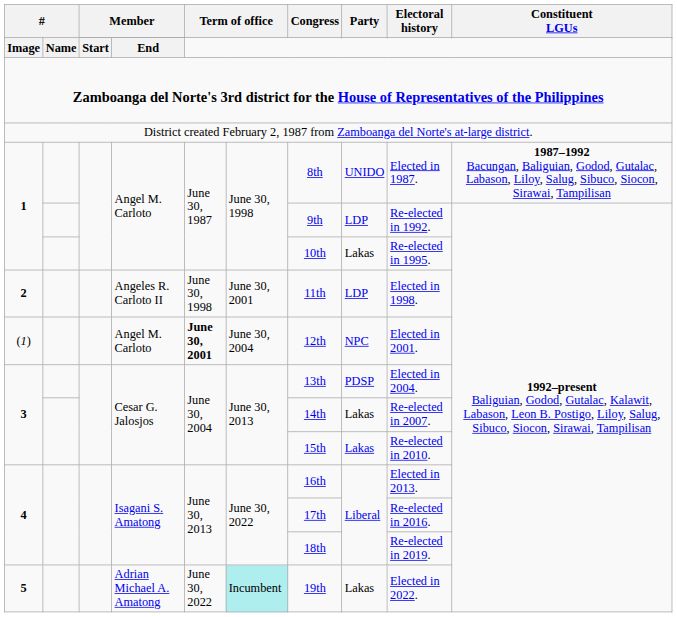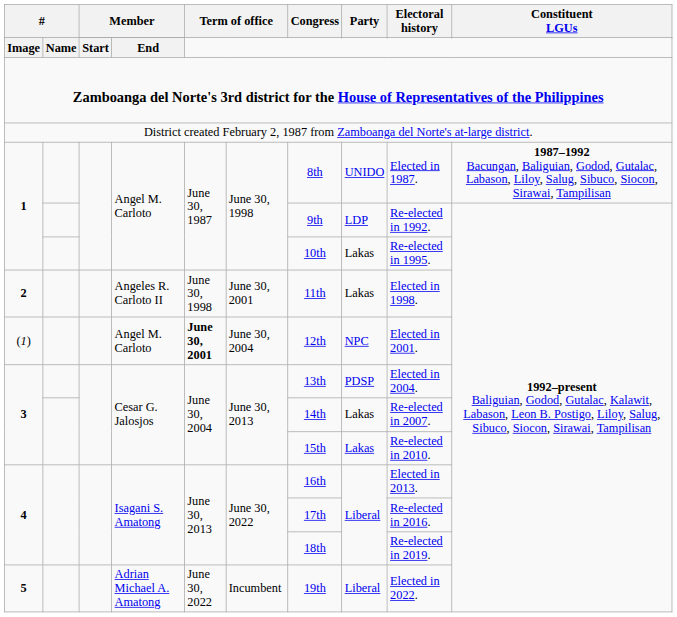 <table class="wikitable">
 <tr>
 <th rowspan="2" colspan="2">#</th>
 <th colspan="2">Member</th>
 <th colspan="2">Term of office</th>
 <th rowspan="2">Congress</th>
 <th rowspan="2">Party</th>
 <th rowspan="2">Electoral history</th>
 <th rowspan="2" width="33%">Constituent<br><a href='#'>LGUs</a></th>
 </tr>
 <tr>
 </tr>
 <tr>
 <th>Image</th>
 <th>Name<br></th>
 <th>Start</th>
 <th>End</th>
 </tr>
 <tr>
 <td colspan="10" style="text-align:center;"><br><h3>Zamboanga del Norte's 3rd district for the <a href='#'>House of Representatives of the Philippines</a></h3></td>
 </tr>
 <tr>
 <td colspan="10" style="text-align:center;">District created February 2, 1987 from <a href='#'>Zamboanga del Norte's at-large district</a>.</td>
 </tr>
 <tr>
 <td rowspan="3" style="text-align:center;"><strong>1</strong></td>
 <td style="color:inherit;background:"></td>
 <td rowspan="3"></td>
 <td rowspan="3">Angel M. Carloto<br></td>
 <td rowspan="3">June 30, 1987</td>
 <td rowspan="3">June 30, 1998</td>
 <td style="text-align:center;"><a href='#'>8th</a></td>
 <td><a href='#'>UNIDO</a></td>
 <td><a href='#'>Elected in 1987</a>.</td>
 <td style="text-align:center;"><strong>1987–1992</strong><br><a href='#'>Bacungan</a>, <a href='#'>Baliguian</a>, <a href='#'>Godod</a>, <a href='#'>Gutalac</a>, <a href='#'>Labason</a>, <a href='#'>Liloy</a>, <a href='#'>Salug</a>, <a href='#'>Sibuco</a>, <a href='#'>Siocon</a>, <a href='#'>Sirawai</a>, <a href='#'>Tampilisan</a></td>
 </tr>
 <tr>
 <td style="color:inherit;background:"></td>
 <td style="text-align:center;"><a href='#'>9th</a></td>
 <td><a href='#'>LDP</a></td>
 <td><a href='#'>Re-elected in 1992</a>.</td>
 <td rowspan="11" style="text-align:center;"><strong>1992–present</strong><br><a href='#'>Baliguian</a>, <a href='#'>Godod</a>, <a href='#'>Gutalac</a>, <a href='#'>Kalawit</a>, <a href='#'>Labason</a>, <a href='#'>Leon B. Postigo</a>, <a href='#'>Liloy</a>, <a href='#'>Salug</a>, <a href='#'>Sibuco</a>, <a href='#'>Siocon</a>, <a href='#'>Sirawai</a>, <a href='#'>Tampilisan</a></td>
 </tr>
 <tr>
 <td style="color:inherit;background:"></td>
 <td style="text-align:center;"><a href='#'>10th</a></td>
 <td>Lakas</td>
 <td><a href='#'>Re-elected in 1995</a>.</td>
 </tr>
 <tr>
 <td style="text-align:center;"><strong>2</strong></td>
 <td style="color:inherit;background:"></td>
 <td></td>
 <td>Angeles R. Carloto II</td>
 <td>June 30, 1998</td>
 <td>June 30, 2001</td>
 <td style="text-align:center;"><a href='#'>11th</a></td>
-<td><a href='#'>LDP</a></td>
+<td>Lakas</td>
 <td><a href='#'>Elected in 1998</a>.</td>
 </tr>
 <tr>
 <td style="text-align:center;">(<em>1</em>)</td>
 <td style="color:inherit;background:"></td>
 <td></td>
 <td>Angel M. Carloto<br></td>
 <td><strong>June 30, 2001</strong></td>
 <td>June 30, 2004</td>
 <td style="text-align:center;"><a href='#'>12th</a></td>
 <td><a href='#'>NPC</a></td>
 <td><a href='#'>Elected in 2001</a>.</td>
 </tr>
 <tr>
 <td rowspan="3" style="text-align:center;"><strong>3</strong></td>
 <td style="color:inherit;background:"></td>
 <td rowspan="3"></td>
 <td rowspan="3">Cesar G. Jalosjos<br></td>
 <td rowspan="3">June 30, 2004</td>
 <td rowspan="3">June 30, 2013</td>
 <td style="text-align:center;"><a href='#'>13th</a></td>
 <td><a href='#'>PDSP</a></td>
 <td><a href='#'>Elected in 2004</a>.</td>
 </tr>
 <tr>
 <td rowspan="2" style="color:inherit;background:"></td>
 <td style="text-align:center;"><a href='#'>14th</a></td>
 <td>Lakas</td>
 <td><a href='#'>Re-elected in 2007</a>.</td>
 </tr>
 <tr>
 <td style="text-align:center;"><a href='#'>15th</a></td>
 <td><a href='#'>Lakas</a></td>
 <td><a href='#'>Re-elected in 2010</a>.</td>
 </tr>
 <tr>
 <td rowspan="3" style="text-align:center;"><strong>4</strong></td>
 <td rowspan="3" style="color:inherit;background:"></td>
 <td rowspan="3"></td>
 <td rowspan="3"><a href='#'>Isagani S. Amatong</a><br></td>
 <td rowspan="3">June 30, 2013</td>
 <td rowspan="3">June 30, 2022</td>
 <td style="text-align:center;"><a href='#'>16th</a></td>
 <td rowspan="3"><a href='#'>Liberal</a></td>
 <td><a href='#'>Elected in 2013</a>.</td>
 </tr>
 <tr>
 <td style="text-align:center;"><a href='#'>17th</a></td>
 <td><a href='#'>Re-elected in 2016</a>.</td>
 </tr>
 <tr>
 <td style="text-align:center;"><a href='#'>18th</a></td>
 <td><a href='#'>Re-elected in 2019</a>.</td>
 </tr>
 <tr>
 <td style="text-align:center;"><strong>5</strong></td>
 <td style="color:inherit;background:"></td>
 <td rowspan="3"></td>
 <td><a href='#'>Adrian Michael A. Amatong</a><br></td>
 <td>June 30, 2022</td>
-<td style="background: paleturquoise;">Incumbent</td>
+<td>Incumbent</td>
 <td style="text-align:center;"><a href='#'>19th</a></td>
-<td>Lakas</td>
+<td><a href='#'>Liberal</a></td>
 <td><a href='#'>Elected in 2022</a>.</td>
 </tr>
 </table>
